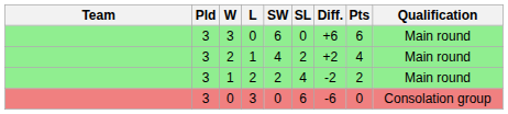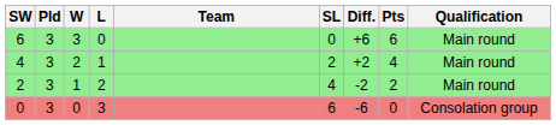 <table class=wikitable style="text-align:center">
 <tr>
-<th width=220>Team</th>
+<th width=20>SW</th>
 <th width=20>Pld</th>
 <th width=20>W</th>
 <th width=20>L</th>
-<th width=20>SW</th>
+<th width=220>Team</th>
 <th width=20>SL</th>
 <th width=20>Diff.</th>
 <th width=20>Pts</th>
 <th width=150>Qualification</th>
 </tr>
 <tr bgcolor=90EE90>
-<td align=left></td>
+<td>6</td>
 <td>3</td>
 <td>3</td>
 <td>0</td>
-<td>6</td>
+<td align=left></td>
 <td>0</td>
 <td>+6</td>
 <td>6</td>
 <td>Main round</td>
 </tr>
 <tr bgcolor=90EE90>
-<td align=left></td>
+<td>4</td>
 <td>3</td>
 <td>2</td>
 <td>1</td>
-<td>4</td>
+<td align=left></td>
 <td>2</td>
 <td>+2</td>
 <td>4</td>
 <td>Main round</td>
 </tr>
 <tr bgcolor=90EE90>
-<td align=left></td>
+<td>2</td>
 <td>3</td>
 <td>1</td>
 <td>2</td>
-<td>2</td>
+<td align=left></td>
 <td>4</td>
 <td>-2</td>
 <td>2</td>
 <td>Main round</td>
 </tr>
 <tr bgcolor=F08080>
-<td align=left></td>
+<td>0</td>
 <td>3</td>
 <td>0</td>
 <td>3</td>
-<td>0</td>
+<td align=left></td>
 <td>6</td>
 <td>-6</td>
 <td>0</td>
 <td>Consolation group</td>
 </tr>
 </table>
